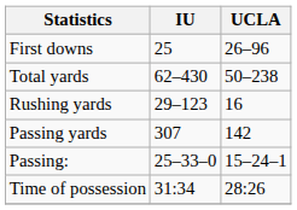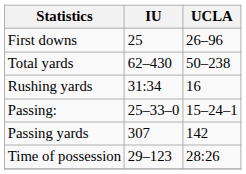 <table class="wikitable" style="float: left;">
 <tr>
 <th>Statistics</th>
 <th>IU</th>
 <th>UCLA</th>
 </tr>
 <tr>
 <td>First downs</td>
 <td>25</td>
 <td>26–96</td>
 </tr>
 <tr>
 <td>Total yards</td>
 <td>62–430</td>
 <td>50–238</td>
 </tr>
 <tr>
 <td>Rushing yards</td>
-<td>29–123</td>
+<td>31:34</td>
 <td>16</td>
+</tr>
+<tr>
+<td>Passing:</td>
+<td>25–33–0</td>
+<td>15–24–1</td>
 </tr>
 <tr>
 <td>Passing yards</td>
 <td>307</td>
 <td>142</td>
 </tr>
 <tr>
-<td>Passing:</td>
-<td>25–33–0</td>
-<td>15–24–1</td>
-</tr>
-<tr>
 <td>Time of possession</td>
-<td>31:34</td>
+<td>29–123</td>
 <td>28:26</td>
 </tr>
 <tr>
 </tr>
 </table>
